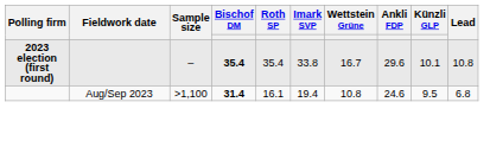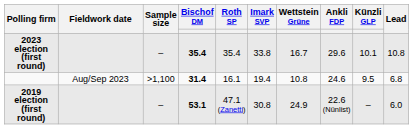 <table class="wikitable sortable" style="text-align:center;font-size:90%;line-height:14px;">
 <tr style="height:40px;">
 <th style="width:80px;" rowspan="2">Polling firm</th>
 <th style="width:130px;" rowspan="2">Fieldwork date</th>
 <th style="width:35px;" rowspan="2">Sample<br>size</th>
 <th class="unsortable" style="width:40px;"><a href='#'>Bischof</a><br><small><a href='#'>DM</a></small></th>
 <th class="unsortable" style="width:40px;"><a href='#'>Roth</a><br><small><a href='#'>SP</a></small></th>
 <th class="unsortable" style="width:40px;"><a href='#'>Imark</a><br><small><a href='#'>SVP</a></small></th>
 <th class="unsortable" style="width:40px;">Wettstein<br><small><a href='#'>Grüne</a></small></th>
 <th class="unsortable" style="width:40px;">Ankli<br><small><a href='#'>FDP</a></small></th>
 <th class="unsortable" style="width:40px;">Künzli<br><small><a href='#'>GLP</a></small></th>
 <th style="width:30px;" rowspan="2">Lead</th>
 </tr>
 <tr>
 <th style="background:"></th>
 <th style="background:"></th>
 <th style="background:"></th>
 <th style="background:"></th>
 <th style="background:"></th>
 <th style="background:"></th>
 </tr>
 <tr style="background:#E9E9E9;">
 <td><strong>2023 election (first round)</strong></td>
 <td></td>
 <td>–</td>
 <td style="background:#"><strong>35.4</strong></td>
 <td>35.4</td>
 <td>33.8</td>
 <td>16.7</td>
 <td>29.6</td>
 <td>10.1</td>
 <td style="background:">10.8</td>
 </tr>
 <tr>
 <td></td>
 <td>Aug/Sep 2023</td>
 <td>>1,100</td>
 <td style="background:#"><strong>31.4</strong></td>
 <td>16.1</td>
 <td>19.4</td>
 <td>10.8</td>
 <td>24.6</td>
 <td>9.5</td>
 <td style="background:">6.8</td>
 </tr>
+<tr style="background:#E9E9E9;">
+<td><strong>2019 election (first round)</strong></td>
+<td></td>
+<td>–</td>
+<td style="background:#"><strong>53.1</strong></td>
+<td>47.1<br><small>(<a href='#'>Zanetti</a>)</small></td>
+<td>30.8</td>
+<td>24.9</td>
+<td>22.6<br><small>(Nünlist)</small></td>
+<td>–</td>
+<td style="background:">6.0</td>
+</tr>
 </table>
